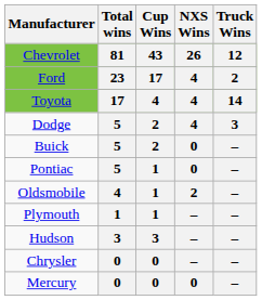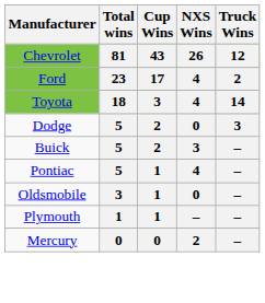 <table class="wikitable">
 <tr>
 <th>Manufacturer</th>
 <th>Total<br> wins</th>
 <th>Cup<br>Wins</th>
 <th>NXS<br>Wins</th>
 <th>Truck<br>Wins</th>
 </tr>
 <tr align=center style="background:#7DC242">
 <td align="center"><a href='#'>Chevrolet</a></td>
 <th>81</th>
 <th>43</th>
 <th>26</th>
 <th>12</th>
 </tr>
 <tr align=center style="background:#7DC242">
 <td align="center"><a href='#'>Ford</a></td>
 <th>23</th>
 <th>17</th>
 <th>4</th>
 <th>2</th>
 </tr>
 <tr align=center style="background:#7DC242">
 <td align="center"><a href='#'>Toyota</a></td>
-<th>17</th>
-<th>4</th>
+<th>18</th>
+<th>3</th>
 <th>4</th>
 <th>14</th>
 </tr>
 <tr>
 <td align="center"><a href='#'>Dodge</a></td>
 <th>5</th>
 <th>2</th>
-<th>4</th>
+<th>0</th>
 <th>3</th>
 </tr>
 <tr>
 <td align="center"><a href='#'>Buick</a></td>
 <th>5</th>
 <th>2</th>
-<th>0</th>
+<th>3</th>
 <th>–</th>
 </tr>
 <tr>
 <td align="center"><a href='#'>Pontiac</a></td>
 <th>5</th>
 <th>1</th>
-<th>0</th>
+<th>4</th>
 <th>–</th>
 </tr>
 <tr>
 <td align="center"><a href='#'>Oldsmobile</a></td>
-<th>4</th>
+<th>3</th>
 <th>1</th>
-<th>2</th>
+<th>0</th>
 <th>–</th>
 </tr>
 <tr>
 <td align="center"><a href='#'>Plymouth</a></td>
 <th>1</th>
 <th>1</th>
 <th>–</th>
 <th>–</th>
 </tr>
 <tr>
-<td align="center"><a href='#'>Hudson</a></td>
-<th>3</th>
-<th>3</th>
-<th>–</th>
-<th>–</th>
-</tr>
-<tr>
-<td align="center"><a href='#'>Chrysler</a></td>
-<th>0</th>
-<th>0</th>
-<th>–</th>
-<th>–</th>
-</tr>
-<tr>
 <td align="center"><a href='#'>Mercury</a></td>
 <th>0</th>
 <th>0</th>
-<th>0</th>
+<th>2</th>
 <th>–</th>
 </tr>
 </table>
